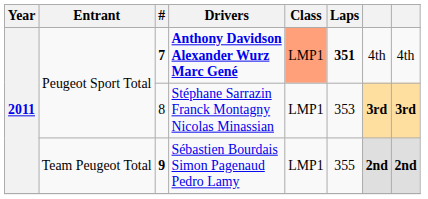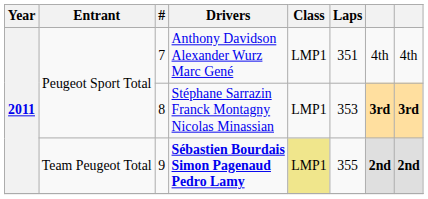 <table class="wikitable" style="text-align:center; font-size:90%">
 <tr>
 <th>Year</th>
 <th>Entrant</th>
 <th>#</th>
 <th>Drivers</th>
 <th>Class</th>
 <th>Laps</th>
 <th></th>
 <th></th>
 </tr>
 <tr>
 <th rowspan="3"><a href='#'>2011</a></th>
 <td rowspan="2"> Peugeot Sport Total</td>
-<td><strong>7</strong></td>
-<td align="left"><strong> <a href='#'>Anthony Davidson</a><br> <a href='#'>Alexander Wurz</a><br> <a href='#'>Marc Gené</a></strong></td>
-<td align="center" style="background: lightsalmon;">LMP1</td>
-<td align="center"><strong>351</strong></td>
+<td>7</td>
+<td align="left"> <a href='#'>Anthony Davidson</a><br> <a href='#'>Alexander Wurz</a><br> <a href='#'>Marc Gené</a></td>
+<td align="center">LMP1</td>
+<td align="center">351</td>
 <td align="center" style="background:#DFFDF;">4th</td>
 <td align="center" style="background:#DFFDF;">4th</td>
 </tr>
 <tr>
 <td>8</td>
 <td align="left"> <a href='#'>Stéphane Sarrazin</a><br> <a href='#'>Franck Montagny</a><br> <a href='#'>Nicolas Minassian</a></td>
 <td align="center">LMP1</td>
 <td align="center">353</td>
 <td align="center" style="background:#FFDF9F;"><strong>3rd</strong></td>
 <td align="center" style="background:#FFDF9F;"><strong>3rd</strong></td>
 </tr>
 <tr>
 <td> Team Peugeot Total</td>
-<td><strong>9</strong></td>
-<td align="left"> <a href='#'>Sébastien Bourdais</a><br> <a href='#'>Simon Pagenaud</a><br> <a href='#'>Pedro Lamy</a></td>
-<td align="center">LMP1</td>
+<td>9</td>
+<td align="left"><strong> <a href='#'>Sébastien Bourdais</a><br> <a href='#'>Simon Pagenaud</a><br> <a href='#'>Pedro Lamy</a></strong></td>
+<td align="center" style="background: khaki;">LMP1</td>
 <td align="center">355</td>
 <td align="center" style="background:#DFDFDF;"><strong>2nd</strong></td>
 <td align="center" style="background:#DFDFDF;"><strong>2nd</strong></td>
 </tr>
 <tr>
 </tr>
 </table>
